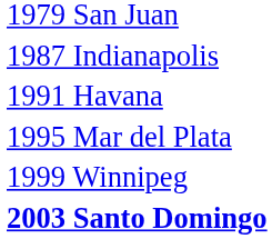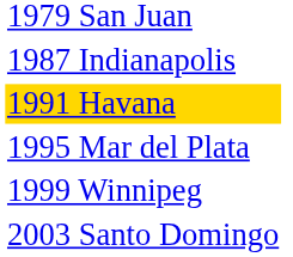 <table>
 <tr>
 <td><a href='#'>1979 San Juan</a><br></td>
 <td></td>
 <td></td>
 <td></td>
 </tr>
 <tr>
 <td><a href='#'>1987 Indianapolis</a><br></td>
 <td></td>
 <td></td>
 <td></td>
 </tr>
 <tr>
-<td><a href='#'>1991 Havana</a><br></td>
+<td style="background: gold;"><a href='#'>1991 Havana</a><br></td>
 <td></td>
 <td></td>
 <td></td>
 </tr>
 <tr>
 <td><a href='#'>1995 Mar del Plata</a><br></td>
 <td></td>
 <td></td>
 <td></td>
 </tr>
 <tr>
 <td><a href='#'>1999 Winnipeg</a><br></td>
 <td></td>
 <td></td>
 <td></td>
 </tr>
 <tr>
-<td><strong><a href='#'>2003 Santo Domingo</a><br></strong></td>
+<td><a href='#'>2003 Santo Domingo</a><br></td>
 <td></td>
 <td></td>
 <td></td>
 </tr>
 </table>
